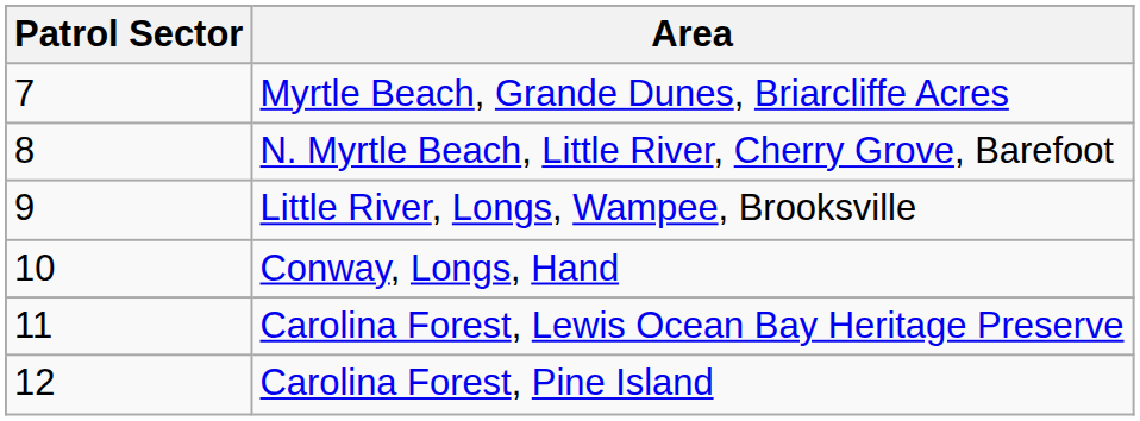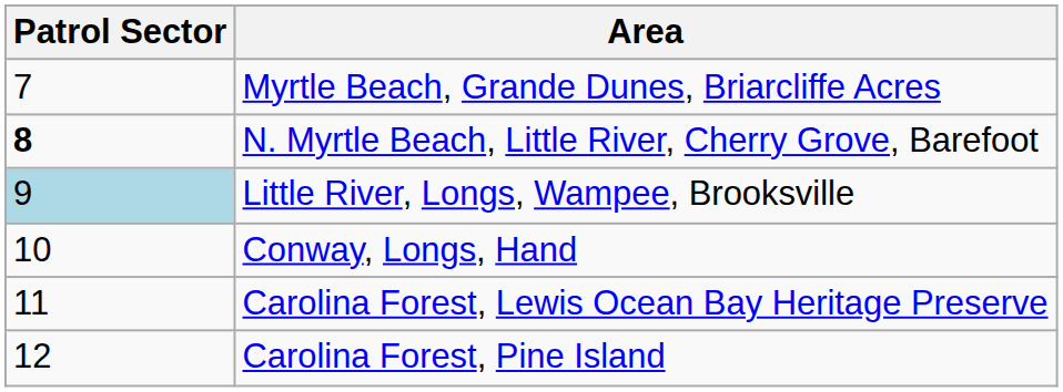 <table class=wikitable>
 <tr style="background:#ccc;">
 <th><strong> Patrol Sector</strong></th>
 <th><strong>Area</strong></th>
 </tr>
 <tr>
 <td>7</td>
 <td><a href='#'>Myrtle Beach</a>, <a href='#'>Grande Dunes</a>, <a href='#'>Briarcliffe Acres</a></td>
 </tr>
 <tr>
-<td>8</td>
+<td><strong>8</strong></td>
 <td><a href='#'>N. Myrtle Beach</a>, <a href='#'>Little River</a>, <a href='#'>Cherry Grove</a>, Barefoot</td>
 </tr>
 <tr>
-<td>9</td>
+<td style="background: lightblue;">9</td>
 <td><a href='#'>Little River</a>, <a href='#'>Longs</a>, <a href='#'>Wampee</a>, Brooksville</td>
 </tr>
 <tr>
 <td>10</td>
 <td><a href='#'>Conway</a>, <a href='#'>Longs</a>, <a href='#'>Hand</a></td>
 </tr>
 <tr>
 <td>11</td>
 <td><a href='#'>Carolina Forest</a>, <a href='#'>Lewis Ocean Bay Heritage Preserve</a></td>
 </tr>
 <tr>
 <td>12</td>
 <td><a href='#'>Carolina Forest</a>, <a href='#'>Pine Island</a></td>
 </tr>
 </table>
